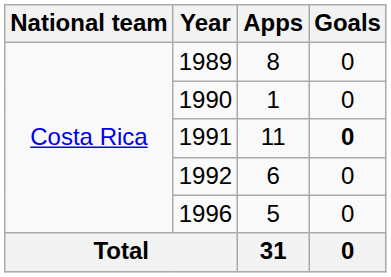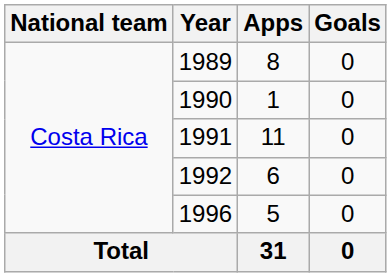 <table class="wikitable" style="text-align:center">
 <tr>
 <th>National team</th>
 <th>Year</th>
 <th>Apps</th>
 <th>Goals</th>
 </tr>
 <tr>
 <td rowspan="5"><a href='#'>Costa Rica</a></td>
 <td>1989</td>
 <td>8</td>
 <td>0</td>
 </tr>
 <tr>
 <td>1990</td>
 <td>1</td>
 <td>0</td>
 </tr>
 <tr>
 <td>1991</td>
 <td>11</td>
-<td><strong>0</strong></td>
+<td>0</td>
 </tr>
 <tr>
 <td>1992</td>
 <td>6</td>
 <td>0</td>
 </tr>
 <tr>
 <td>1996</td>
 <td>5</td>
 <td>0</td>
 </tr>
 <tr>
 <th colspan="2">Total</th>
 <th>31</th>
 <th>0</th>
 </tr>
 </table>
